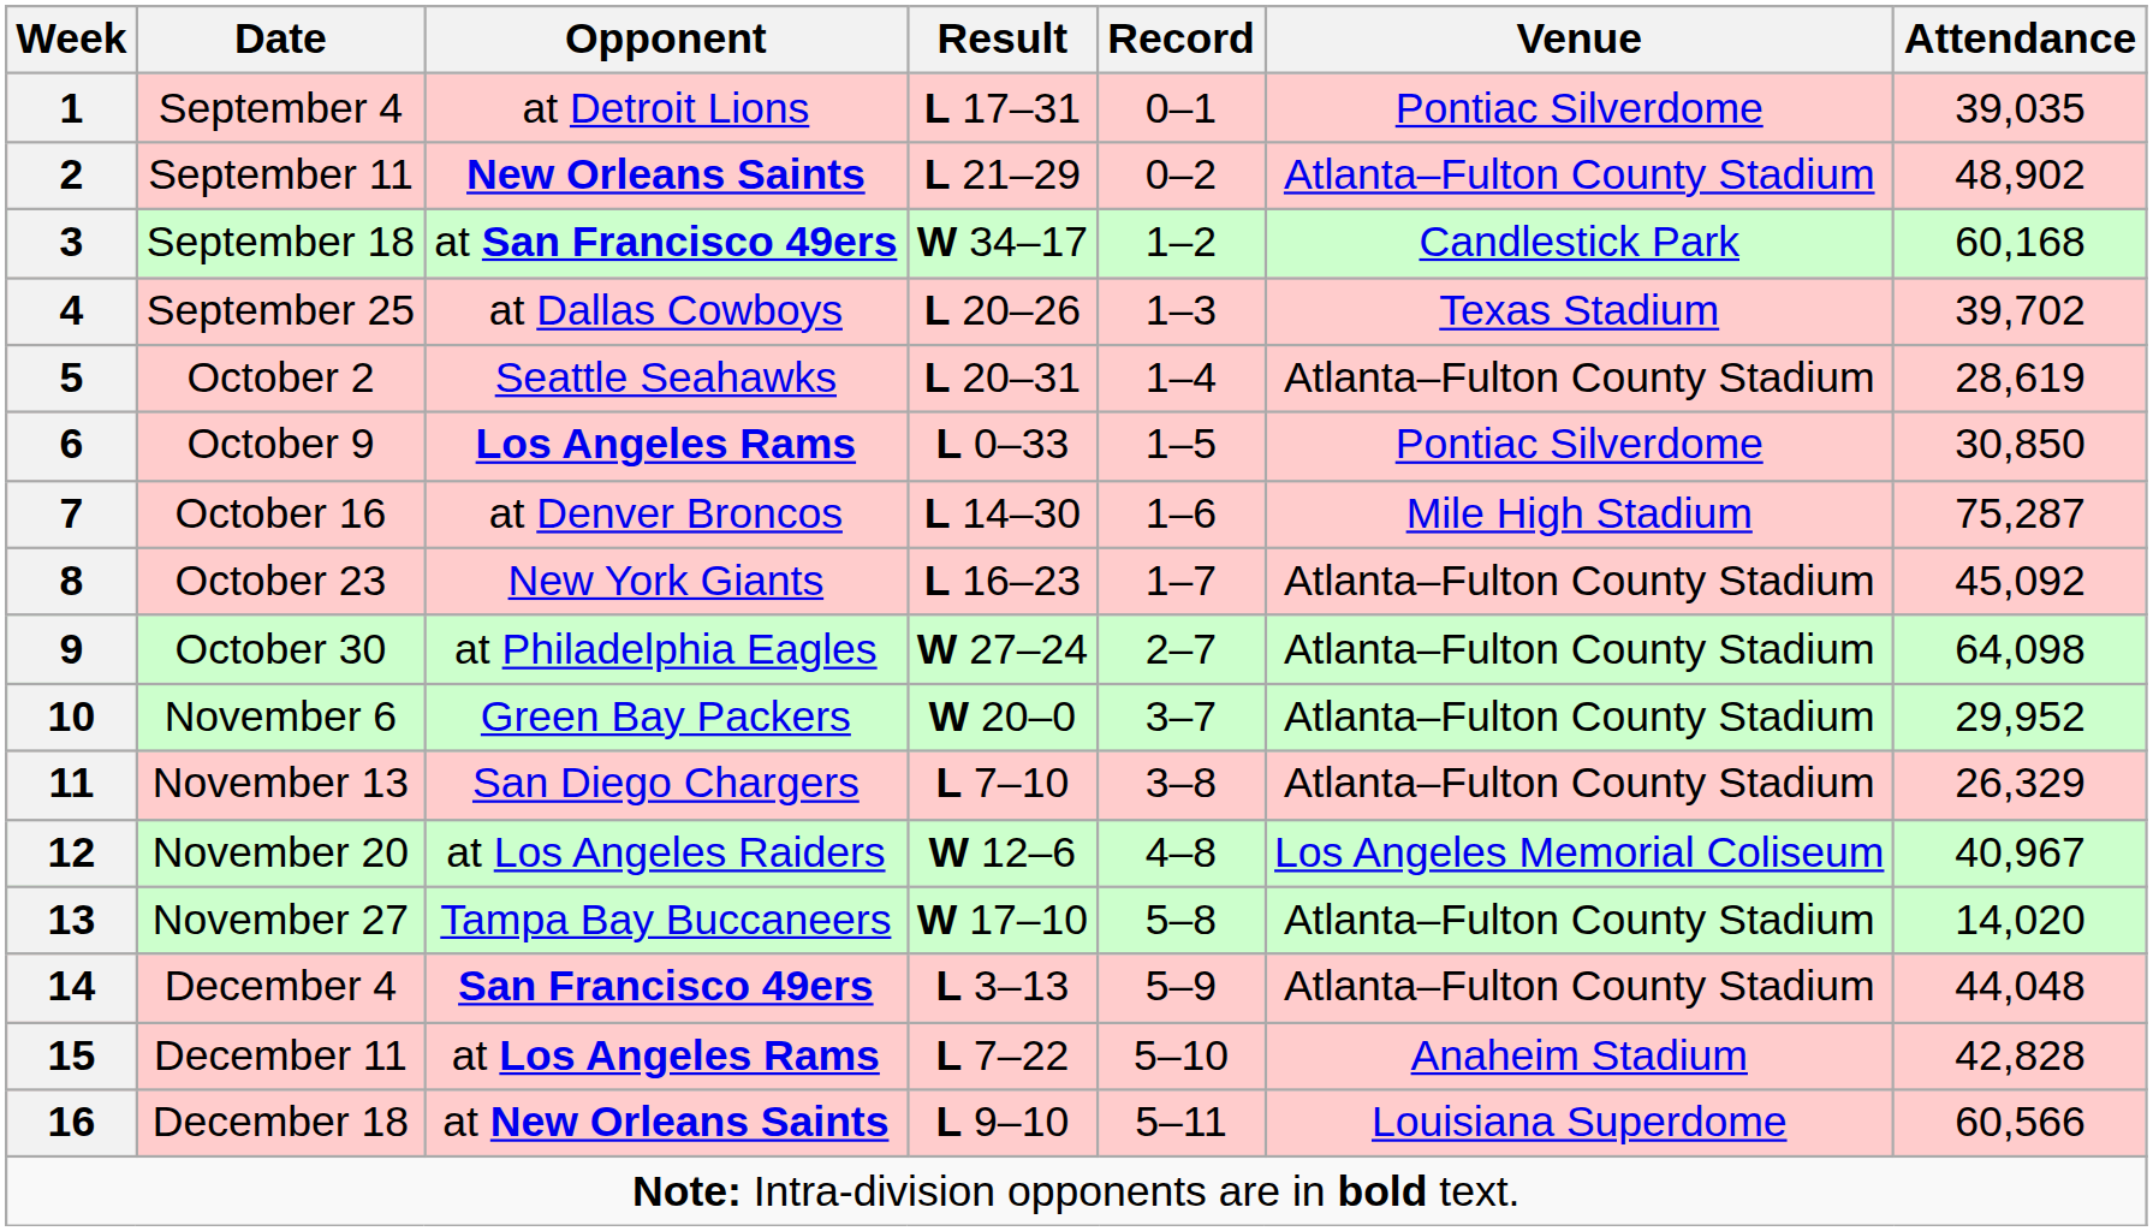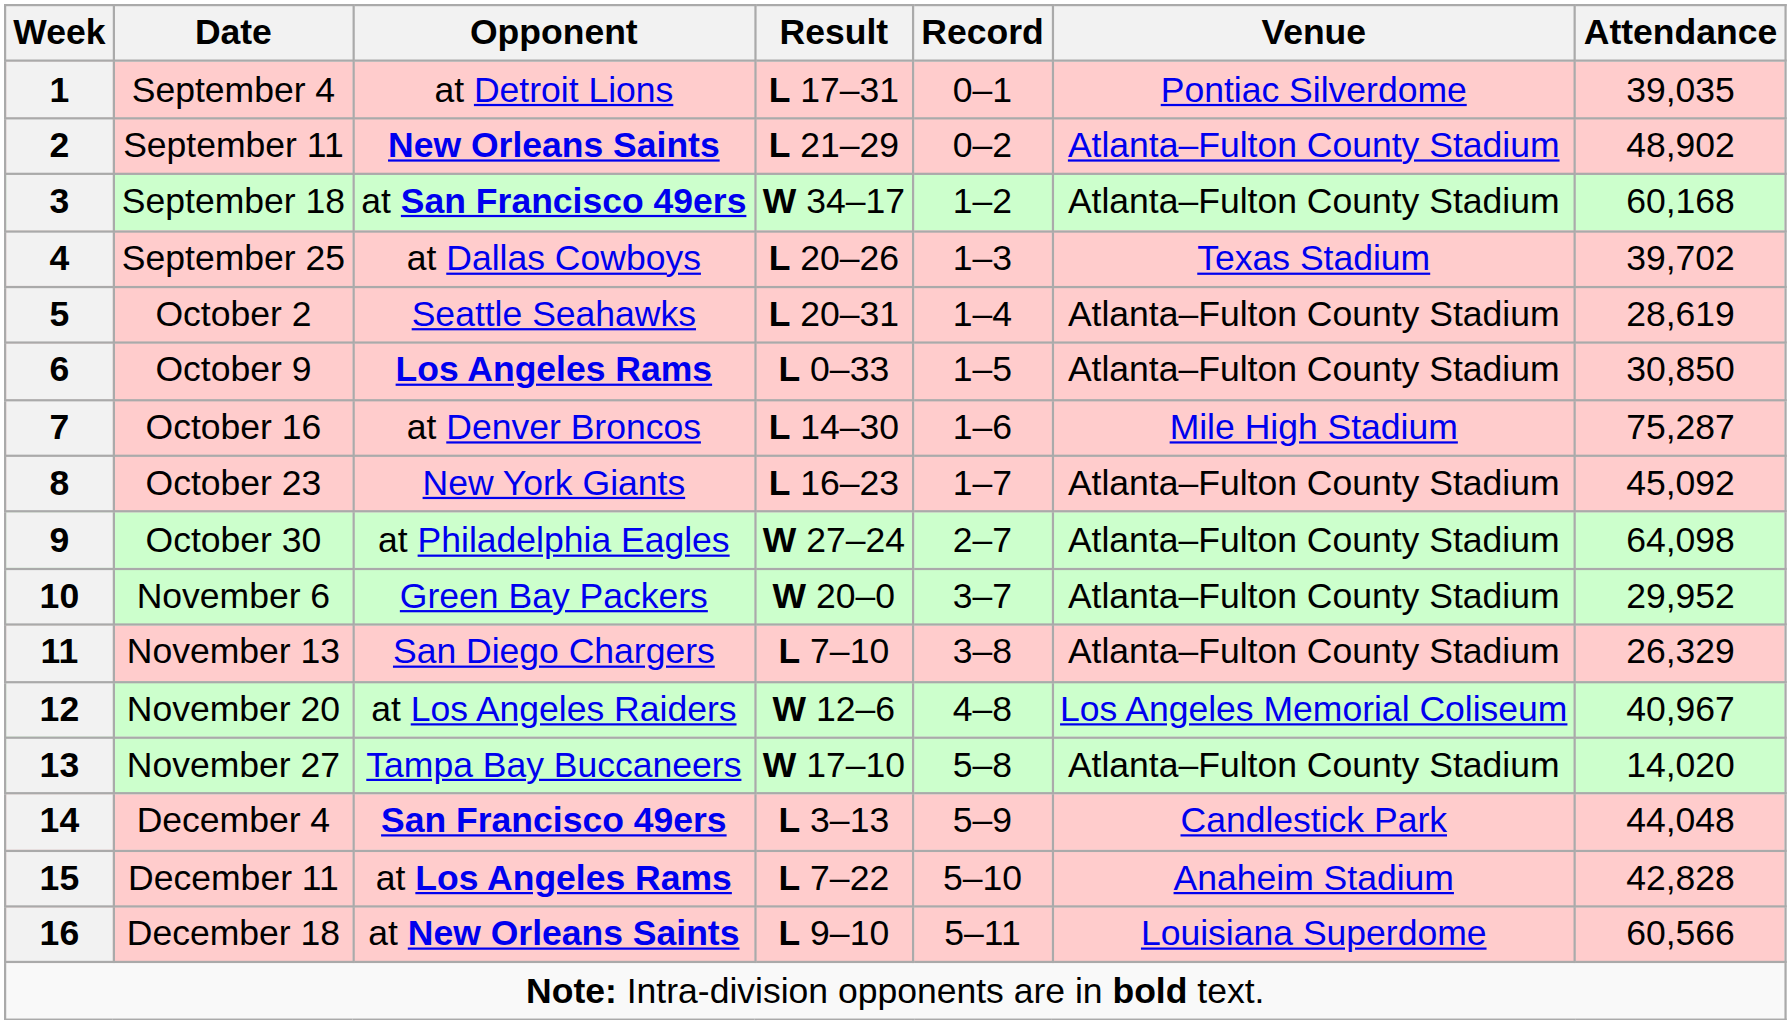 <table class="wikitable" style="text-align: center;">
 <tr>
 <th>Week</th>
 <th>Date</th>
 <th>Opponent</th>
 <th>Result</th>
 <th>Record</th>
 <th>Venue</th>
 <th>Attendance</th>
 </tr>
 <tr style="background:#fcc">
 <th>1</th>
 <td>September 4</td>
 <td>at <a href='#'>Detroit Lions</a></td>
 <td><strong>L</strong> 17–31</td>
 <td>0–1</td>
 <td><a href='#'>Pontiac Silverdome</a></td>
 <td>39,035</td>
 </tr>
 <tr style="background:#fcc">
 <th>2</th>
 <td>September 11</td>
 <td><strong><a href='#'>New Orleans Saints</a></strong></td>
 <td><strong>L</strong> 21–29</td>
 <td>0–2</td>
 <td><a href='#'>Atlanta–Fulton County Stadium</a></td>
 <td>48,902</td>
 </tr>
 <tr style="background:#cfc">
 <th>3</th>
 <td>September 18</td>
 <td>at <strong><a href='#'>San Francisco 49ers</a></strong></td>
 <td><strong>W</strong> 34–17</td>
 <td>1–2</td>
-<td><a href='#'>Candlestick Park</a></td>
+<td>Atlanta–Fulton County Stadium</td>
 <td>60,168</td>
 </tr>
 <tr style="background:#fcc">
 <th>4</th>
 <td>September 25</td>
 <td>at <a href='#'>Dallas Cowboys</a></td>
 <td><strong>L</strong> 20–26</td>
 <td>1–3</td>
 <td><a href='#'>Texas Stadium</a></td>
 <td>39,702</td>
 </tr>
 <tr style="background:#fcc">
 <th>5</th>
 <td>October 2</td>
 <td><a href='#'>Seattle Seahawks</a></td>
 <td><strong>L</strong> 20–31</td>
 <td>1–4</td>
 <td>Atlanta–Fulton County Stadium</td>
 <td>28,619</td>
 </tr>
 <tr style="background:#fcc">
 <th>6</th>
 <td>October 9</td>
 <td><strong><a href='#'>Los Angeles Rams</a></strong></td>
 <td><strong>L</strong> 0–33</td>
 <td>1–5</td>
-<td><a href='#'>Pontiac Silverdome</a></td>
+<td>Atlanta–Fulton County Stadium</td>
 <td>30,850</td>
 </tr>
 <tr style="background:#fcc">
 <th>7</th>
 <td>October 16</td>
 <td>at <a href='#'>Denver Broncos</a></td>
 <td><strong>L</strong> 14–30</td>
 <td>1–6</td>
 <td><a href='#'>Mile High Stadium</a></td>
 <td>75,287</td>
 </tr>
 <tr style="background:#fcc">
 <th>8</th>
 <td>October 23</td>
 <td><a href='#'>New York Giants</a></td>
 <td><strong>L</strong> 16–23</td>
 <td>1–7</td>
 <td>Atlanta–Fulton County Stadium</td>
 <td>45,092</td>
 </tr>
 <tr style="background:#cfc">
 <th>9</th>
 <td>October 30</td>
 <td>at <a href='#'>Philadelphia Eagles</a></td>
 <td><strong>W</strong> 27–24</td>
 <td>2–7</td>
 <td>Atlanta–Fulton County Stadium</td>
 <td>64,098</td>
 </tr>
 <tr style="background:#cfc">
 <th>10</th>
 <td>November 6</td>
 <td><a href='#'>Green Bay Packers</a></td>
 <td><strong>W</strong> 20–0</td>
 <td>3–7</td>
 <td>Atlanta–Fulton County Stadium</td>
 <td>29,952</td>
 </tr>
 <tr style="background:#fcc">
 <th>11</th>
 <td>November 13</td>
 <td><a href='#'>San Diego Chargers</a></td>
 <td><strong>L</strong> 7–10</td>
 <td>3–8</td>
 <td>Atlanta–Fulton County Stadium</td>
 <td>26,329</td>
 </tr>
 <tr style="background:#cfc">
 <th>12</th>
 <td>November 20</td>
 <td>at <a href='#'>Los Angeles Raiders</a></td>
 <td><strong>W</strong> 12–6</td>
 <td>4–8</td>
 <td><a href='#'>Los Angeles Memorial Coliseum</a></td>
 <td>40,967</td>
 </tr>
 <tr style="background:#cfc">
 <th>13</th>
 <td>November 27</td>
 <td><a href='#'>Tampa Bay Buccaneers</a></td>
 <td><strong>W</strong> 17–10</td>
 <td>5–8</td>
 <td>Atlanta–Fulton County Stadium</td>
 <td>14,020</td>
 </tr>
 <tr style="background:#fcc">
 <th>14</th>
 <td>December 4</td>
 <td><strong><a href='#'>San Francisco 49ers</a></strong></td>
 <td><strong>L</strong> 3–13</td>
 <td>5–9</td>
-<td>Atlanta–Fulton County Stadium</td>
+<td><a href='#'>Candlestick Park</a></td>
 <td>44,048</td>
 </tr>
 <tr style="background:#fcc">
 <th>15</th>
 <td>December 11</td>
 <td>at <strong><a href='#'>Los Angeles Rams</a></strong></td>
 <td><strong>L</strong> 7–22</td>
 <td>5–10</td>
 <td><a href='#'>Anaheim Stadium</a></td>
 <td>42,828</td>
 </tr>
 <tr style="background:#fcc">
 <th>16</th>
 <td>December 18</td>
 <td>at <strong><a href='#'>New Orleans Saints</a></strong></td>
 <td><strong>L</strong> 9–10</td>
 <td>5–11</td>
 <td><a href='#'>Louisiana Superdome</a></td>
 <td>60,566</td>
 </tr>
 <tr>
 <td colspan="7"><strong>Note:</strong> Intra-division opponents are in <strong>bold</strong> text.</td>
 </tr>
 </table>
